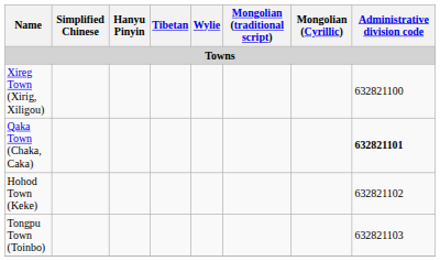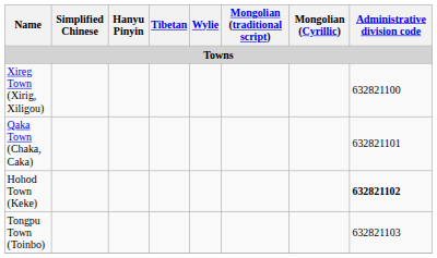 <table class="wikitable" align="center" style="width:50%; border="1">
 <tr>
 <th>Name</th>
 <th>Simplified Chinese</th>
 <th>Hanyu Pinyin</th>
 <th><a href='#'>Tibetan</a></th>
 <th><a href='#'>Wylie</a></th>
 <th><a href='#'>Mongolian</a> (<a href='#'>traditional script</a>)</th>
 <th>Mongolian (<a href='#'>Cyrillic</a>)</th>
 <th><a href='#'>Administrative division code</a></th>
 </tr>
 <tr>
 <td colspan="8"  style="text-align:center; background:#d3d3d3;"><strong>Towns</strong></td>
 </tr>
 <tr --------->
 <td><a href='#'>Xireg Town</a><br>(Xirig, Xiligou)</td>
 <td></td>
 <td></td>
 <td></td>
 <td></td>
 <td></td>
 <td></td>
 <td>632821100</td>
 </tr>
 <tr>
 <td><a href='#'>Qaka Town</a><br>(Chaka, Caka)</td>
 <td></td>
 <td></td>
 <td></td>
 <td></td>
 <td></td>
 <td></td>
-<td><strong>632821101</strong></td>
+<td>632821101</td>
 </tr>
 <tr>
 <td>Hohod Town<br>(Keke)</td>
 <td></td>
 <td></td>
 <td></td>
 <td></td>
 <td></td>
 <td></td>
-<td>632821102</td>
+<td><strong>632821102</strong></td>
 </tr>
 <tr>
 <td>Tongpu Town<br>(Toinbo)</td>
 <td></td>
 <td></td>
 <td></td>
 <td></td>
 <td></td>
 <td></td>
 <td>632821103</td>
 </tr>
 <tr>
 </tr>
 </table>
